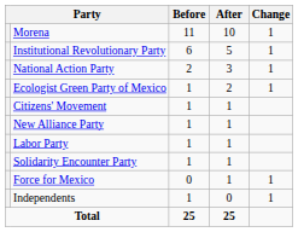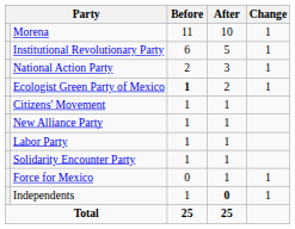 <table class="wikitable" style="text-align:center;">
 <tr>
 <th colspan="2">Party</th>
 <th style="width:3em">Before</th>
 <th style="width:3em">After</th>
 <th style="width:3em">Change</th>
 </tr>
 <tr>
 <th style="background-color:"></th>
 <td style="text-align:left;"><a href='#'>Morena</a></td>
 <td>11</td>
 <td>10</td>
 <td>1</td>
 </tr>
 <tr>
 <th style="background-color:"></th>
 <td style="text-align:left;"><a href='#'>Institutional Revolutionary Party</a></td>
 <td>6</td>
 <td>5</td>
 <td>1</td>
 </tr>
 <tr>
 <th style="background-color:"></th>
 <td style="text-align:left;"><a href='#'>National Action Party</a></td>
 <td>2</td>
 <td>3</td>
 <td>1</td>
 </tr>
 <tr>
 <th style="background-color:"></th>
 <td style="text-align:left;"><a href='#'>Ecologist Green Party of Mexico</a></td>
-<td>1</td>
+<td><strong>1</strong></td>
 <td>2</td>
 <td>1</td>
 </tr>
 <tr>
 <th style="background-color:"></th>
 <td style="text-align:left;"><a href='#'>Citizens' Movement</a></td>
 <td>1</td>
 <td>1</td>
 <td></td>
 </tr>
 <tr>
 <th style="background-color:"></th>
 <td style="text-align:left;"><a href='#'>New Alliance Party</a></td>
 <td>1</td>
 <td>1</td>
 <td></td>
 </tr>
 <tr>
 <th style="background-color:"></th>
 <td style="text-align:left;"><a href='#'>Labor Party</a></td>
 <td>1</td>
 <td>1</td>
 <td></td>
 </tr>
 <tr>
 <th style="background-color:"></th>
 <td style="text-align:left;"><a href='#'>Solidarity Encounter Party</a></td>
 <td>1</td>
 <td>1</td>
 <td></td>
 </tr>
 <tr>
 <th style="background-color:"></th>
 <td style="text-align:left;"><a href='#'>Force for Mexico</a></td>
 <td>0</td>
 <td>1</td>
 <td>1</td>
 </tr>
 <tr>
 <th style="background-color:"></th>
 <td style="text-align:left;">Independents</td>
 <td>1</td>
-<td>0</td>
+<td><strong>0</strong></td>
 <td>1</td>
 </tr>
 <tr>
 <td colspan="2"><strong>Total</strong></td>
 <td><strong>25</strong></td>
 <td><strong>25</strong></td>
 <td></td>
 </tr>
 </table>
